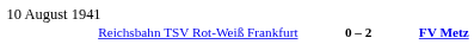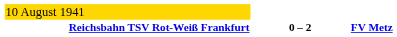 <table width=100% cellspacing=1>
 <tr>
 <th width=25%></th>
 <th width=10%></th>
 <th width=25%></th>
 <th></th>
 </tr>
 <tr>
-<td>10 August 1941</td>
+<td style="background: gold;">10 August 1941</td>
 </tr>
 <tr style=font-size:90%>
-<td align=right><a href='#'>Reichsbahn TSV Rot-Weiß Frankfurt</a></td>
+<td align=right><strong><a href='#'>Reichsbahn TSV Rot-Weiß Frankfurt</a></strong></td>
 <td align=center><strong>0 – 2</strong></td>
 <td><strong><a href='#'>FV Metz</a></strong></td>
 </tr>
 </table>
